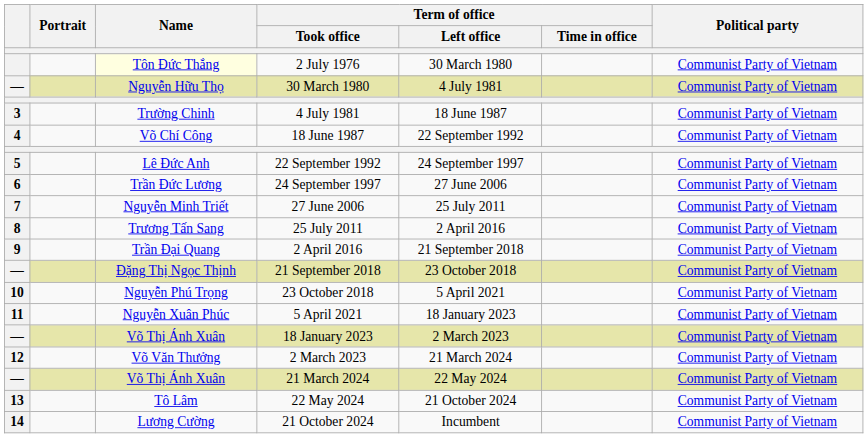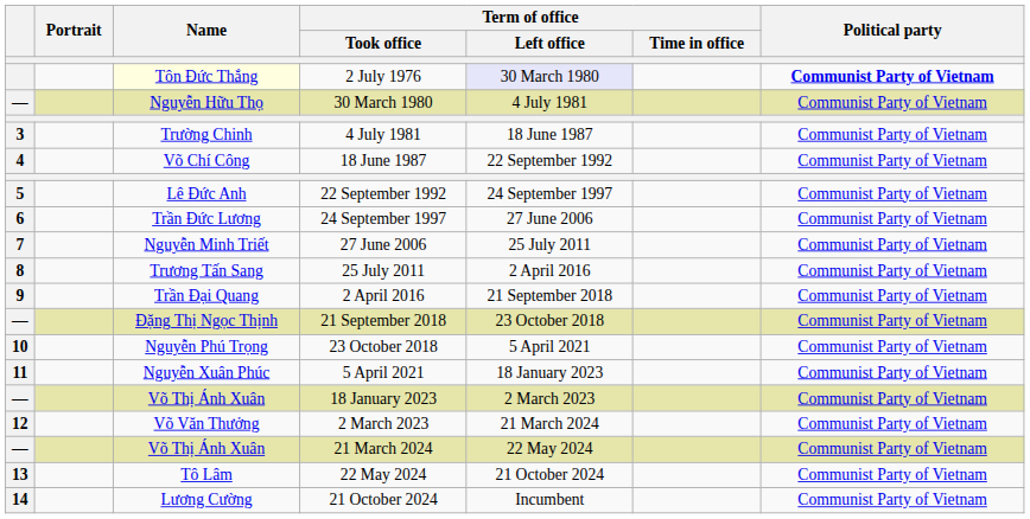 <table class="wikitable" style="text-align:center; border:1px #aaf solid; width:80%;">
 <tr>
 <th rowspan="2"></th>
 <th rowspan="2" style="width:70px;">Portrait</th>
 <th rowspan="2">Name<br></th>
 <th colspan="3">Term of office</th>
 <th rowspan="2">Political party</th>
 </tr>
 <tr>
 <th>Took office</th>
 <th>Left office</th>
 <th>Time in office</th>
 </tr>
 <tr>
 <th colspan=7></th>
 </tr>
 <tr>
 <th style="background:"></th>
 <td></td>
 <td style="background: lightyellow;"><a href='#'>Tôn Đức Thắng</a><br></td>
 <td>2 July 1976</td>
-<td>30 March 1980</td>
+<td style="background: lavender;">30 March 1980</td>
 <td></td>
-<td><a href='#'>Communist Party of Vietnam</a></td>
+<td><strong><a href='#'>Communist Party of Vietnam</a></strong></td>
 </tr>
 <tr>
 <th style="background:">—</th>
 <td style="background:#e6e6aa;"></td>
 <td style="background:#e6e6aa;"><a href='#'>Nguyễn Hữu Thọ</a><br></td>
 <td style="background:#e6e6aa;">30 March 1980</td>
 <td style="background:#e6e6aa;">4 July 1981</td>
 <td style="background:#e6e6aa;"></td>
 <td style="background:#e6e6aa;"><a href='#'>Communist Party of Vietnam</a></td>
 </tr>
 <tr>
 <th colspan=7></th>
 </tr>
 <tr>
 <th style="background:">3</th>
 <td></td>
 <td><a href='#'>Trường Chinh</a><br></td>
 <td>4 July 1981</td>
 <td>18 June 1987</td>
 <td></td>
 <td><a href='#'>Communist Party of Vietnam</a></td>
 </tr>
 <tr>
 <th style="background:">4</th>
 <td></td>
 <td><a href='#'>Võ Chí Công</a><br></td>
 <td>18 June 1987</td>
 <td>22 September 1992</td>
 <td></td>
 <td><a href='#'>Communist Party of Vietnam</a></td>
 </tr>
 <tr>
 <th colspan=7></th>
 </tr>
 <tr>
 <th style="background:">5</th>
 <td></td>
 <td><a href='#'>Lê Đức Anh</a><br></td>
 <td>22 September 1992</td>
 <td>24 September 1997</td>
 <td></td>
 <td><a href='#'>Communist Party of Vietnam</a></td>
 </tr>
 <tr>
 <th style="background:">6</th>
 <td></td>
 <td><a href='#'>Trần Đức Lương</a><br></td>
 <td>24 September 1997</td>
 <td>27 June 2006</td>
 <td></td>
 <td><a href='#'>Communist Party of Vietnam</a></td>
 </tr>
 <tr>
 <th style="background:">7</th>
 <td></td>
 <td><a href='#'>Nguyễn Minh Triết</a><br></td>
 <td>27 June 2006</td>
 <td>25 July 2011</td>
 <td></td>
 <td><a href='#'>Communist Party of Vietnam</a></td>
 </tr>
 <tr>
 <th style="background:">8</th>
 <td></td>
 <td><a href='#'>Trương Tấn Sang</a><br></td>
 <td>25 July 2011</td>
 <td>2 April 2016</td>
 <td></td>
 <td><a href='#'>Communist Party of Vietnam</a></td>
 </tr>
 <tr>
 <th style="background:">9</th>
 <td></td>
 <td><a href='#'>Trần Đại Quang</a><br></td>
 <td>2 April 2016</td>
 <td>21 September 2018</td>
 <td></td>
 <td><a href='#'>Communist Party of Vietnam</a></td>
 </tr>
 <tr>
 <th style="background:">—</th>
 <td style="background:#e6e6aa;"></td>
 <td style="background:#e6e6aa;"><a href='#'>Đặng Thị Ngọc Thịnh</a><br></td>
 <td style="background:#e6e6aa;">21 September 2018</td>
 <td style="background:#e6e6aa;">23 October 2018</td>
 <td style="background:#e6e6aa;"></td>
 <td style="background:#e6e6aa;"><a href='#'>Communist Party of Vietnam</a></td>
 </tr>
 <tr>
 <th style="background:">10</th>
 <td></td>
 <td><a href='#'>Nguyễn Phú Trọng</a><br></td>
 <td>23 October 2018</td>
 <td>5 April 2021</td>
 <td></td>
 <td><a href='#'>Communist Party of Vietnam</a></td>
 </tr>
 <tr>
 <th style="background:">11</th>
 <td></td>
 <td><a href='#'>Nguyễn Xuân Phúc</a><br></td>
 <td>5 April 2021</td>
 <td>18 January 2023</td>
 <td></td>
 <td><a href='#'>Communist Party of Vietnam</a></td>
 </tr>
 <tr>
 <th style="background:">—</th>
 <td style="background:#e6e6aa;"></td>
 <td style="background:#e6e6aa;"><a href='#'>Võ Thị Ánh Xuân</a><br></td>
 <td style="background:#e6e6aa;">18 January 2023</td>
 <td style="background:#e6e6aa;">2 March 2023</td>
 <td style="background:#e6e6aa;"></td>
 <td style="background:#e6e6aa;"><a href='#'>Communist Party of Vietnam</a></td>
 </tr>
 <tr>
 <th style="background:">12</th>
 <td></td>
 <td><a href='#'>Võ Văn Thưởng</a><br></td>
 <td>2 March 2023</td>
 <td>21 March 2024</td>
 <td></td>
 <td><a href='#'>Communist Party of Vietnam</a></td>
 </tr>
 <tr>
 <th style="background:">—</th>
 <td style="background:#e6e6aa;"></td>
 <td style="background:#e6e6aa;"><a href='#'>Võ Thị Ánh Xuân</a><br></td>
 <td style="background:#e6e6aa;">21 March 2024</td>
 <td style="background:#e6e6aa;">22 May 2024</td>
 <td style="background:#e6e6aa;"></td>
 <td style="background:#e6e6aa;"><a href='#'>Communist Party of Vietnam</a></td>
 </tr>
 <tr>
 <th style="background:">13</th>
 <td></td>
 <td><a href='#'>Tô Lâm</a><br></td>
 <td>22 May 2024</td>
 <td>21 October 2024</td>
 <td></td>
 <td><a href='#'>Communist Party of Vietnam</a></td>
 </tr>
 <tr>
 <th style="background:">14</th>
 <td></td>
 <td><a href='#'>Lương Cường</a><br></td>
 <td>21 October 2024</td>
 <td>Incumbent</td>
 <td></td>
 <td><a href='#'>Communist Party of Vietnam</a></td>
 </tr>
 </table>
